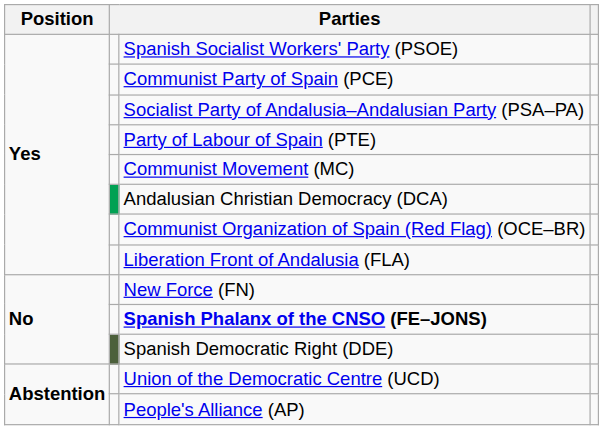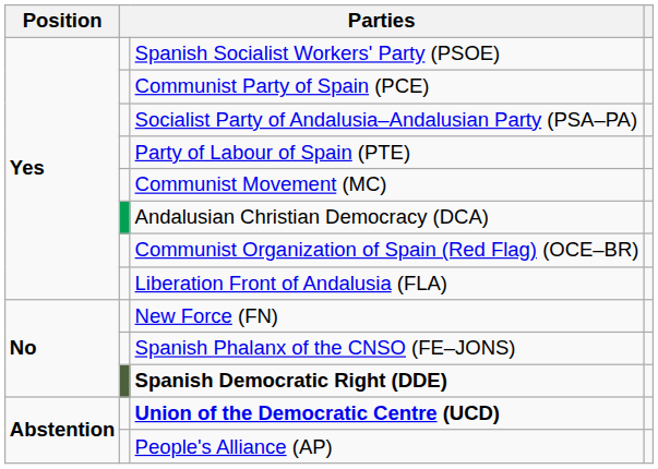 <table class="wikitable" style="font-size:97%; text-align:left;">
 <tr>
 <th>Position</th>
 <th colspan="2">Parties</th>
 <th></th>
 </tr>
 <tr>
 <td rowspan="8"> <strong>Yes</strong></td>
 <td width="1"></td>
 <td><a href='#'>Spanish Socialist Workers' Party</a> (PSOE)</td>
 <td></td>
 </tr>
 <tr>
 <td></td>
 <td><a href='#'>Communist Party of Spain</a> (PCE)</td>
 <td></td>
 </tr>
 <tr>
 <td></td>
 <td><a href='#'>Socialist Party of Andalusia–Andalusian Party</a> (PSA–PA)</td>
 <td></td>
 </tr>
 <tr>
 <td></td>
 <td><a href='#'>Party of Labour of Spain</a> (PTE)</td>
 <td></td>
 </tr>
 <tr>
 <td></td>
 <td><a href='#'>Communist Movement</a> (MC)</td>
 <td></td>
 </tr>
 <tr>
 <td bgcolor="#00A153"></td>
 <td>Andalusian Christian Democracy (DCA)</td>
 <td></td>
 </tr>
 <tr>
 <td></td>
 <td><a href='#'>Communist Organization of Spain (Red Flag)</a> (OCE–BR)</td>
 <td></td>
 </tr>
 <tr>
 <td></td>
 <td><a href='#'>Liberation Front of Andalusia</a> (FLA)</td>
 <td></td>
 </tr>
 <tr>
 <td rowspan="3"> <strong>No</strong></td>
 <td></td>
 <td><a href='#'>New Force</a> (FN)</td>
 <td></td>
 </tr>
 <tr>
 <td></td>
-<td><strong><a href='#'>Spanish Phalanx of the CNSO</a> (FE–JONS)</strong></td>
+<td><a href='#'>Spanish Phalanx of the CNSO</a> (FE–JONS)</td>
 <td></td>
 </tr>
 <tr>
 <td bgcolor="#4C603B"></td>
-<td>Spanish Democratic Right (DDE)</td>
+<td><strong>Spanish Democratic Right (DDE)</strong></td>
 <td></td>
 </tr>
 <tr>
 <td rowspan="2"><strong>Abstention</strong></td>
 <td bgcolor=></td>
-<td><a href='#'>Union of the Democratic Centre</a> (UCD)</td>
+<td><strong><a href='#'>Union of the Democratic Centre</a> (UCD)</strong></td>
 <td></td>
 </tr>
 <tr>
 <td></td>
 <td><a href='#'>People's Alliance</a> (AP)</td>
 <td></td>
 </tr>
 </table>
